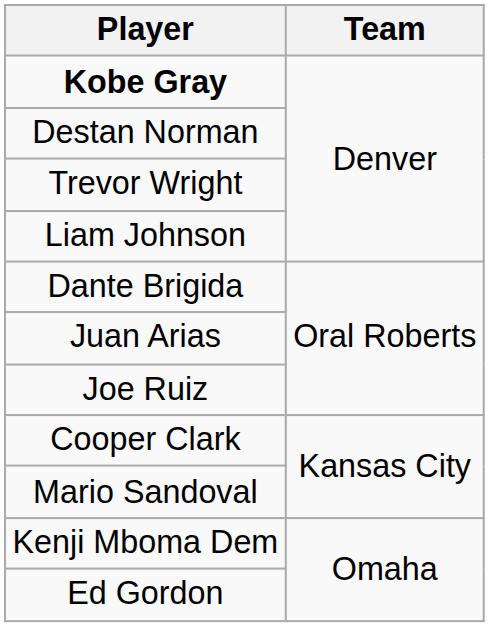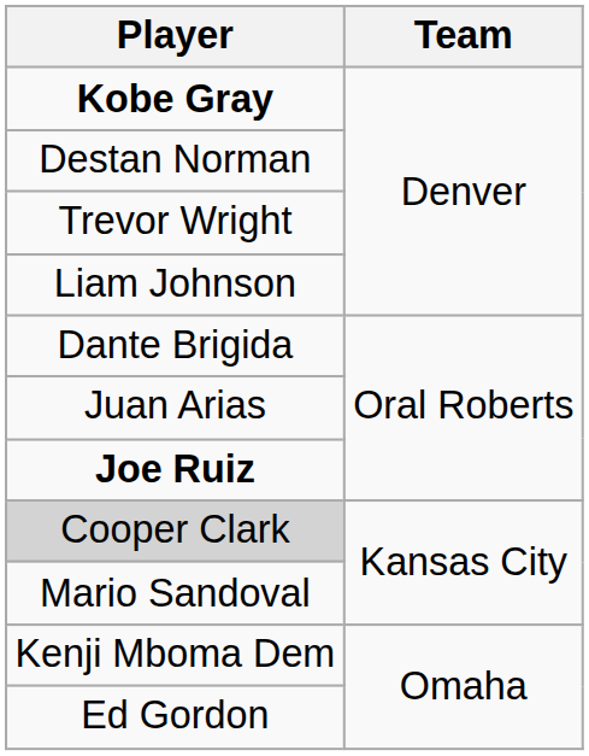 <table class="wikitable" style="text-align: center;">
 <tr>
 <th>Player</th>
 <th>Team</th>
 </tr>
 <tr>
 <td><strong>Kobe Gray</strong></td>
 <td rowspan=4>Denver</td>
 </tr>
 <tr>
 <td>Destan Norman</td>
 </tr>
 <tr>
 <td>Trevor Wright</td>
 </tr>
 <tr>
 <td>Liam Johnson</td>
 </tr>
 <tr>
 <td>Dante Brigida</td>
 <td rowspan=3>Oral Roberts</td>
 </tr>
 <tr>
 <td>Juan Arias</td>
 </tr>
 <tr>
-<td>Joe Ruiz</td>
+<td><strong>Joe Ruiz</strong></td>
 </tr>
 <tr>
-<td>Cooper Clark</td>
+<td style="background: lightgrey;">Cooper Clark</td>
 <td rowspan=2>Kansas City</td>
 </tr>
 <tr>
 <td>Mario Sandoval</td>
 </tr>
 <tr>
 <td>Kenji Mboma Dem</td>
 <td rowspan=2>Omaha</td>
 </tr>
 <tr>
 <td>Ed Gordon</td>
 </tr>
 </table>
